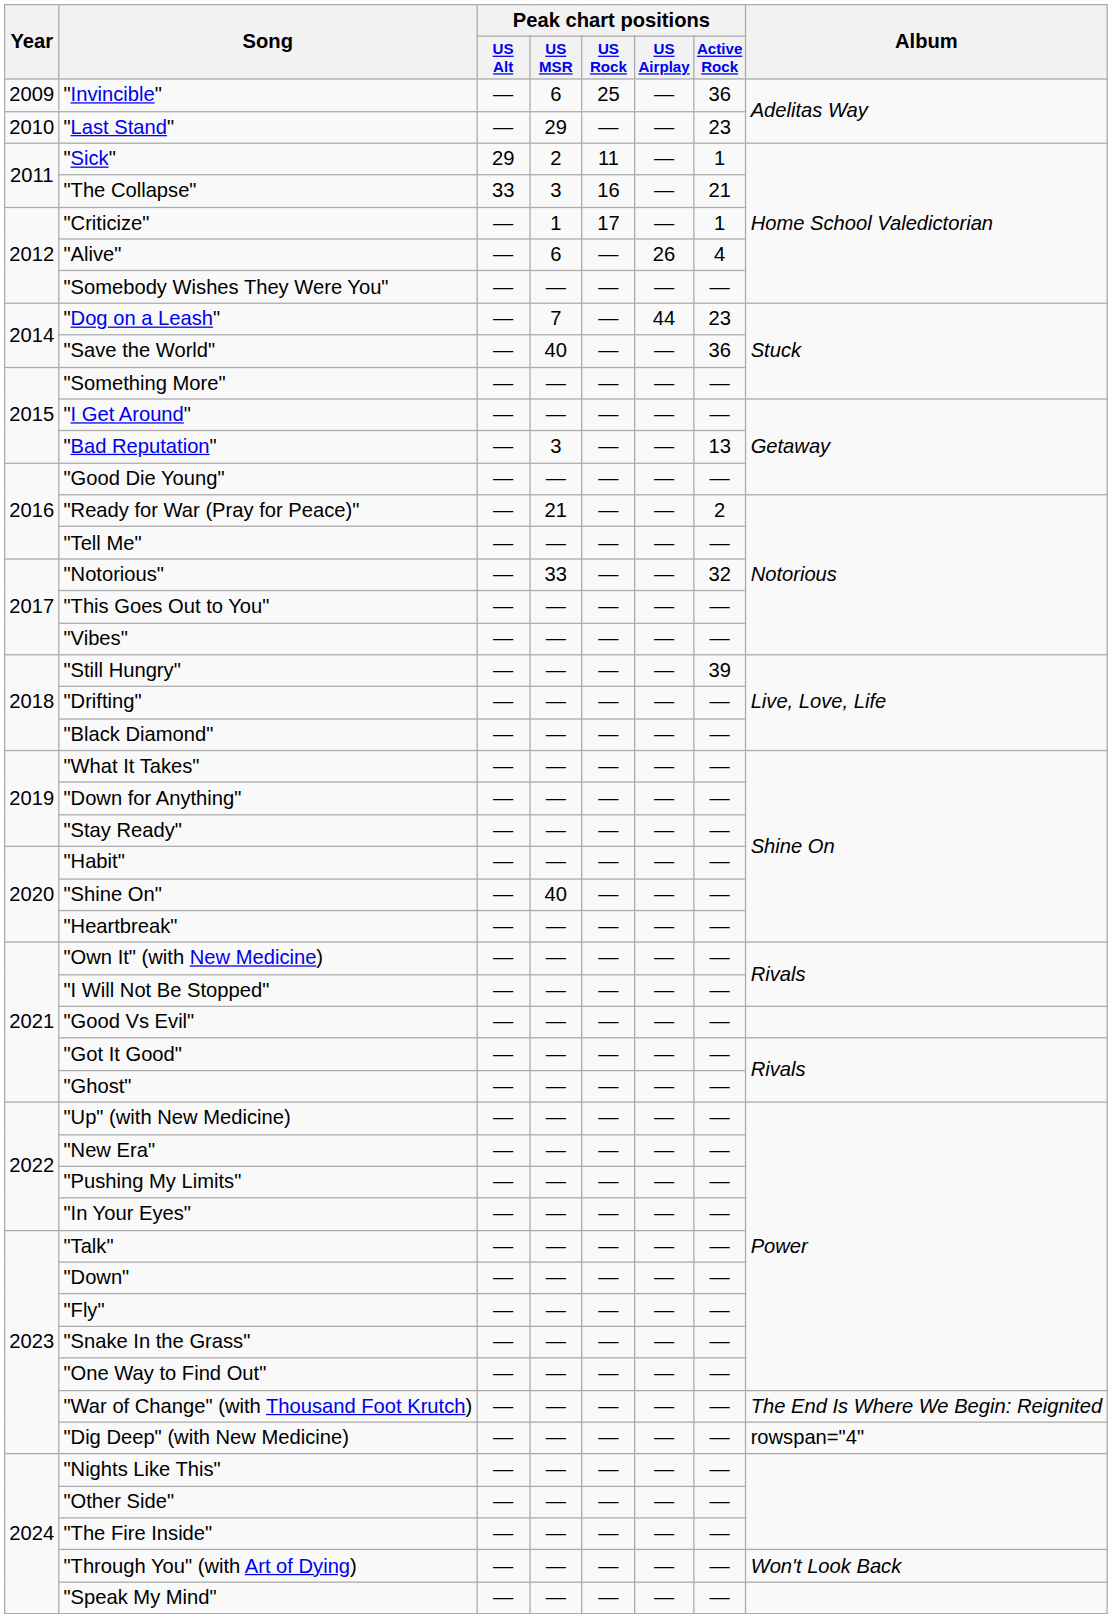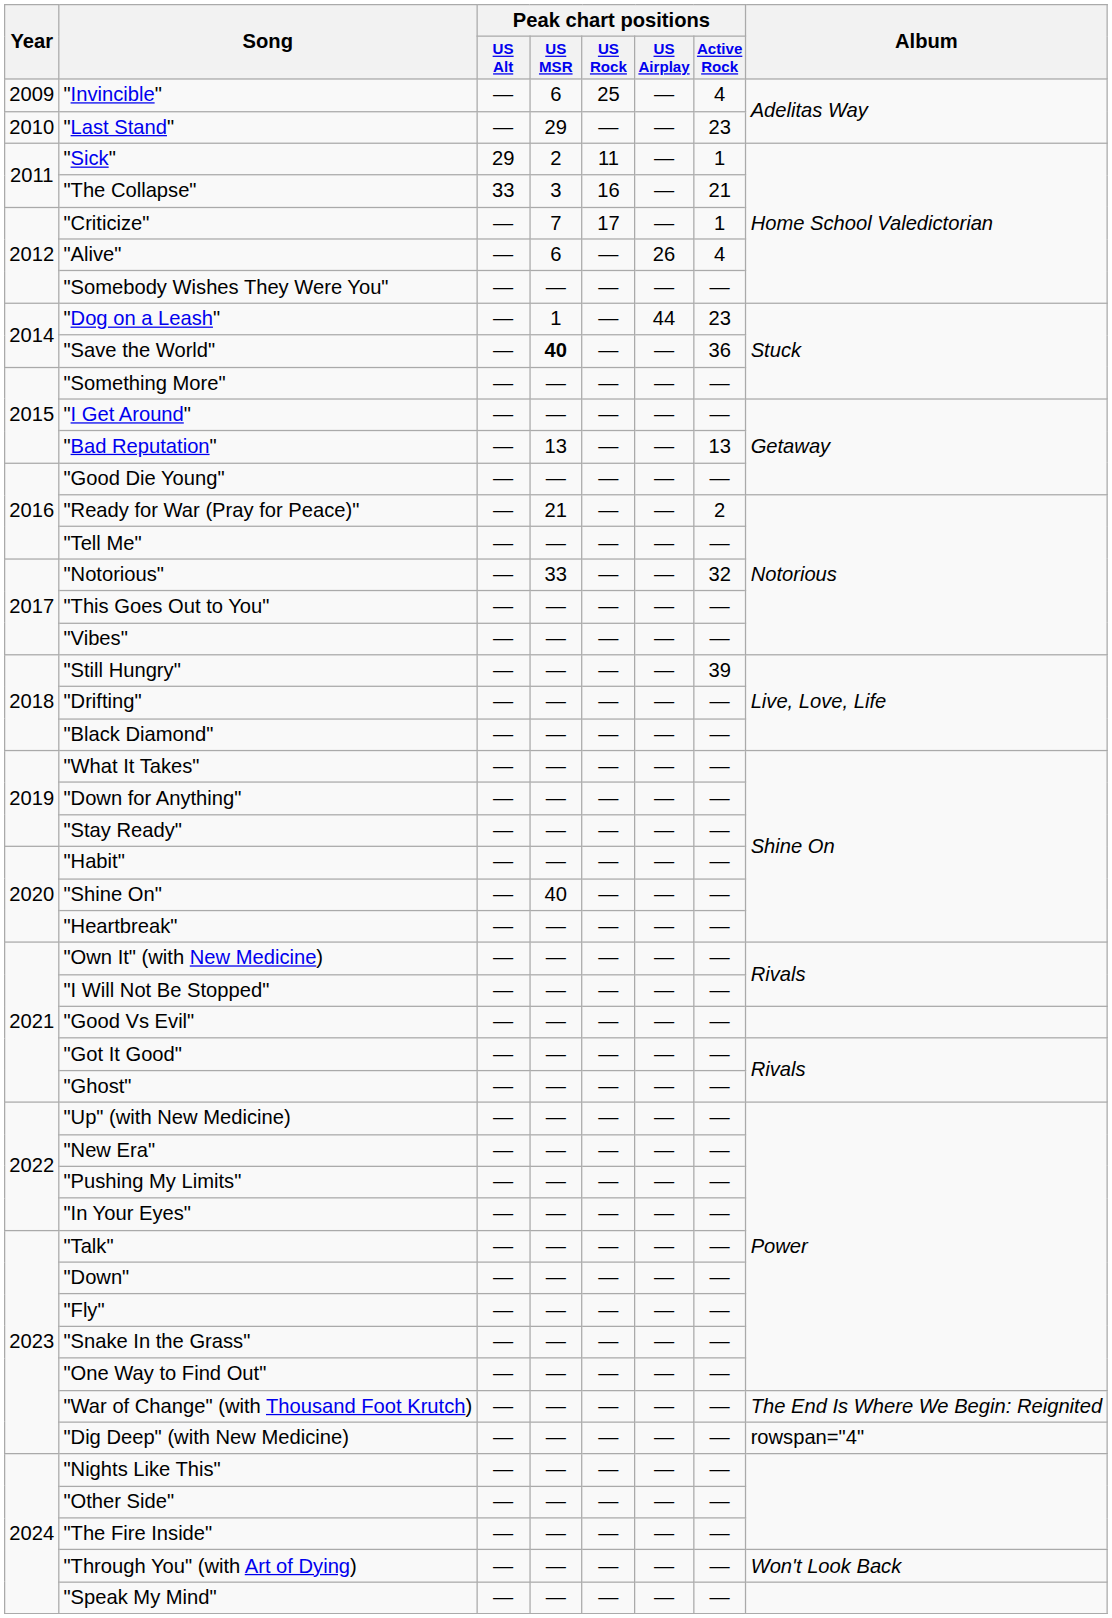 <table class="wikitable">
 <tr>
 <th rowspan="2">Year</th>
 <th rowspan="2">Song</th>
 <th colspan="5">Peak chart positions</th>
 <th rowspan="2">Album</th>
 </tr>
 <tr>
 <th style="width:3em;font-size:75%"><a href='#'>US<br>Alt</a><br></th>
 <th style="width:3em;font-size:75%"><a href='#'>US<br>MSR</a><br></th>
 <th style="width:3em;font-size:75%"><a href='#'>US<br>Rock</a><br></th>
 <th style="width:3em;font-size:75%"><a href='#'>US<br>Airplay</a><br></th>
 <th style="width:3em;font-size:75%"><a href='#'>Active Rock</a><br></th>
 </tr>
 <tr>
 <td style="text-align:center;">2009</td>
 <td>"<a href='#'>Invincible</a>"</td>
 <td style="text-align:center;">—</td>
 <td style="text-align:center;">6</td>
 <td style="text-align:center;">25</td>
 <td style="text-align:center;">—</td>
-<td style="text-align:center;">36</td>
+<td style="text-align:center;">4</td>
 <td rowspan="2"><em>Adelitas Way</em></td>
 </tr>
 <tr>
 <td style="text-align:center;">2010</td>
 <td>"<a href='#'>Last Stand</a>"</td>
 <td style="text-align:center;">—</td>
 <td style="text-align:center;">29</td>
 <td style="text-align:center;">—</td>
 <td style="text-align:center;">—</td>
 <td style="text-align:center;">23</td>
 </tr>
 <tr>
 <td style="text-align:center;" rowspan="2">2011</td>
 <td>"<a href='#'>Sick</a>"</td>
 <td style="text-align:center;">29</td>
 <td style="text-align:center;">2</td>
 <td style="text-align:center;">11</td>
 <td style="text-align:center;">—</td>
 <td style="text-align:center;">1</td>
 <td rowspan="5"><em>Home School Valedictorian</em></td>
 </tr>
 <tr>
 <td>"The Collapse"</td>
 <td style="text-align:center;">33</td>
 <td style="text-align:center;">3</td>
 <td style="text-align:center;">16</td>
 <td style="text-align:center;">—</td>
 <td style="text-align:center;">21</td>
 </tr>
 <tr>
 <td style="text-align:center;" rowspan="3">2012</td>
 <td>"Criticize"</td>
 <td style="text-align:center;">—</td>
-<td style="text-align:center;">1</td>
+<td style="text-align:center;">7</td>
 <td style="text-align:center;">17</td>
 <td style="text-align:center;">—</td>
 <td style="text-align:center;">1</td>
 </tr>
 <tr>
 <td>"Alive"</td>
 <td style="text-align:center;">—</td>
 <td style="text-align:center;">6</td>
 <td style="text-align:center;">—</td>
 <td style="text-align:center;">26</td>
 <td style="text-align:center;">4</td>
 </tr>
 <tr>
 <td>"Somebody Wishes They Were You"</td>
 <td style="text-align:center;">—</td>
 <td style="text-align:center;">—</td>
 <td style="text-align:center;">—</td>
 <td style="text-align:center;">—</td>
 <td style="text-align:center;">—</td>
 </tr>
 <tr>
 <td style="text-align:center;" rowspan="2">2014</td>
 <td>"<a href='#'>Dog on a Leash</a>"</td>
 <td style="text-align:center;">—</td>
-<td style="text-align:center;">7</td>
+<td style="text-align:center;">1</td>
 <td style="text-align:center;">—</td>
 <td style="text-align:center;">44</td>
 <td style="text-align:center;">23</td>
 <td rowspan="3"><em> Stuck </em></td>
 </tr>
 <tr>
 <td>"Save the World"</td>
 <td style="text-align:center;">—</td>
-<td style="text-align:center;">40</td>
+<td style="text-align:center;"><strong>40</strong></td>
 <td style="text-align:center;">—</td>
 <td style="text-align:center;">—</td>
 <td style="text-align:center;">36</td>
 </tr>
 <tr>
 <td style="text-align:center;" rowspan="3">2015</td>
 <td>"Something More"</td>
 <td style="text-align:center;">—</td>
 <td style="text-align:center;">—</td>
 <td style="text-align:center;">—</td>
 <td style="text-align:center;">—</td>
 <td style="text-align:center;">—</td>
 </tr>
 <tr>
 <td>"<a href='#'>I Get Around</a>"</td>
 <td style="text-align:center;">—</td>
 <td style="text-align:center;">—</td>
 <td style="text-align:center;">—</td>
 <td style="text-align:center;">—</td>
 <td style="text-align:center;">—</td>
 <td rowspan="3"><em>Getaway</em></td>
 </tr>
 <tr>
 <td>"<a href='#'>Bad Reputation</a>"</td>
 <td style="text-align:center;">—</td>
-<td style="text-align:center;">3</td>
+<td style="text-align:center;">13</td>
 <td style="text-align:center;">—</td>
 <td style="text-align:center;">—</td>
 <td style="text-align:center;">13</td>
 </tr>
 <tr>
 <td style="text-align:center;" rowspan="3">2016</td>
 <td>"Good Die Young"</td>
 <td style="text-align:center;">—</td>
 <td style="text-align:center;">—</td>
 <td style="text-align:center;">—</td>
 <td style="text-align:center;">—</td>
 <td style="text-align:center;">—</td>
 </tr>
 <tr>
 <td>"Ready for War (Pray for Peace)"</td>
 <td style="text-align:center;">—</td>
 <td style="text-align:center;">21</td>
 <td style="text-align:center;">—</td>
 <td style="text-align:center;">—</td>
 <td style="text-align:center;">2</td>
 <td rowspan="5"><em>Notorious</em></td>
 </tr>
 <tr>
 <td>"Tell Me"</td>
 <td style="text-align:center;">—</td>
 <td style="text-align:center;">—</td>
 <td style="text-align:center;">—</td>
 <td style="text-align:center;">—</td>
 <td style="text-align:center;">—</td>
 </tr>
 <tr>
 <td style="text-align:center;" rowspan="3">2017</td>
 <td>"Notorious"</td>
 <td style="text-align:center;">—</td>
 <td style="text-align:center;">33</td>
 <td style="text-align:center;">—</td>
 <td style="text-align:center;">—</td>
 <td style="text-align:center;">32</td>
 </tr>
 <tr>
 <td>"This Goes Out to You"</td>
 <td style="text-align:center;">—</td>
 <td style="text-align:center;">—</td>
 <td style="text-align:center;">—</td>
 <td style="text-align:center;">—</td>
 <td style="text-align:center;">—</td>
 </tr>
 <tr>
 <td>"Vibes"</td>
 <td style="text-align:center;">—</td>
 <td style="text-align:center;">—</td>
 <td style="text-align:center;">—</td>
 <td style="text-align:center;">—</td>
 <td style="text-align:center;">—</td>
 </tr>
 <tr>
 <td style="text-align:center;" rowspan="3">2018</td>
 <td>"Still Hungry"</td>
 <td style="text-align:center;">—</td>
 <td style="text-align:center;">—</td>
 <td style="text-align:center;">—</td>
 <td style="text-align:center;">—</td>
 <td style="text-align:center;">39</td>
 <td rowspan="3"><em>Live, Love, Life</em></td>
 </tr>
 <tr>
 <td>"Drifting"</td>
 <td style="text-align:center;">—</td>
 <td style="text-align:center;">—</td>
 <td style="text-align:center;">—</td>
 <td style="text-align:center;">—</td>
 <td style="text-align:center;">—</td>
 </tr>
 <tr>
 <td>"Black Diamond"</td>
 <td style="text-align:center;">—</td>
 <td style="text-align:center;">—</td>
 <td style="text-align:center;">—</td>
 <td style="text-align:center;">—</td>
 <td style="text-align:center;">—</td>
 </tr>
 <tr>
 <td style="text-align:center;" rowspan="3">2019</td>
 <td>"What It Takes"</td>
 <td style="text-align:center;">—</td>
 <td style="text-align:center;">—</td>
 <td style="text-align:center;">—</td>
 <td style="text-align:center;">—</td>
 <td style="text-align:center;">—</td>
 <td rowspan="6"><em>Shine On</em></td>
 </tr>
 <tr>
 <td>"Down for Anything"</td>
 <td style="text-align:center;">—</td>
 <td style="text-align:center;">—</td>
 <td style="text-align:center;">—</td>
 <td style="text-align:center;">—</td>
 <td style="text-align:center;">—</td>
 </tr>
 <tr>
 <td>"Stay Ready"</td>
 <td style="text-align:center;">—</td>
 <td style="text-align:center;">—</td>
 <td style="text-align:center;">—</td>
 <td style="text-align:center;">—</td>
 <td style="text-align:center;">—</td>
 </tr>
 <tr>
 <td style="text-align:center;" rowspan="3">2020</td>
 <td>"Habit"</td>
 <td style="text-align:center;">—</td>
 <td style="text-align:center;">—</td>
 <td style="text-align:center;">—</td>
 <td style="text-align:center;">—</td>
 <td style="text-align:center;">—</td>
 </tr>
 <tr>
 <td>"Shine On"</td>
 <td style="text-align:center;">—</td>
 <td style="text-align:center;">40</td>
 <td style="text-align:center;">—</td>
 <td style="text-align:center;">—</td>
 <td style="text-align:center;">—</td>
 </tr>
 <tr>
 <td>"Heartbreak"</td>
 <td style="text-align:center;">—</td>
 <td style="text-align:center;">—</td>
 <td style="text-align:center;">—</td>
 <td style="text-align:center;">—</td>
 <td style="text-align:center;">—</td>
 </tr>
 <tr>
 <td style="text-align:center;" rowspan="5">2021</td>
 <td>"Own It" (with <a href='#'>New Medicine</a>)</td>
 <td style="text-align:center;">—</td>
 <td style="text-align:center;">—</td>
 <td style="text-align:center;">—</td>
 <td style="text-align:center;">—</td>
 <td style="text-align:center;">—</td>
 <td rowspan="2"><em>Rivals</em></td>
 </tr>
 <tr>
 <td>"I Will Not Be Stopped"</td>
 <td style="text-align:center;">—</td>
 <td style="text-align:center;">—</td>
 <td style="text-align:center;">—</td>
 <td style="text-align:center;">—</td>
 <td style="text-align:center;">—</td>
 </tr>
 <tr>
 <td>"Good Vs Evil"</td>
 <td style="text-align:center;">—</td>
 <td style="text-align:center;">—</td>
 <td style="text-align:center;">—</td>
 <td style="text-align:center;">—</td>
 <td style="text-align:center;">—</td>
 <td></td>
 </tr>
 <tr>
 <td>"Got It Good"</td>
 <td style="text-align:center;">—</td>
 <td style="text-align:center;">—</td>
 <td style="text-align:center;">—</td>
 <td style="text-align:center;">—</td>
 <td style="text-align:center;">—</td>
 <td rowspan="2"><em>Rivals</em></td>
 </tr>
 <tr>
 <td>"Ghost"</td>
 <td style="text-align:center;">—</td>
 <td style="text-align:center;">—</td>
 <td style="text-align:center;">—</td>
 <td style="text-align:center;">—</td>
 <td style="text-align:center;">—</td>
 </tr>
 <tr>
 <td style="text-align:center;" rowspan="4">2022</td>
 <td>"Up" (with New Medicine)</td>
 <td style="text-align:center;">—</td>
 <td style="text-align:center;">—</td>
 <td style="text-align:center;">—</td>
 <td style="text-align:center;">—</td>
 <td style="text-align:center;">—</td>
 <td rowspan="9"><em>Power</em></td>
 </tr>
 <tr>
 <td>"New Era"</td>
 <td style="text-align:center;">—</td>
 <td style="text-align:center;">—</td>
 <td style="text-align:center;">—</td>
 <td style="text-align:center;">—</td>
 <td style="text-align:center;">—</td>
 </tr>
 <tr>
 <td>"Pushing My Limits"</td>
 <td style="text-align:center;">—</td>
 <td style="text-align:center;">—</td>
 <td style="text-align:center;">—</td>
 <td style="text-align:center;">—</td>
 <td style="text-align:center;">—</td>
 </tr>
 <tr>
 <td>"In Your Eyes"</td>
 <td style="text-align:center;">—</td>
 <td style="text-align:center;">—</td>
 <td style="text-align:center;">—</td>
 <td style="text-align:center;">—</td>
 <td style="text-align:center;">—</td>
 </tr>
 <tr>
 <td rowspan="7" style="text-align:center;">2023</td>
 <td>"Talk"</td>
 <td style="text-align:center;">—</td>
 <td style="text-align:center;">—</td>
 <td style="text-align:center;">—</td>
 <td style="text-align:center;">—</td>
 <td style="text-align:center;">—</td>
 </tr>
 <tr>
 <td>"Down"</td>
 <td style="text-align:center;">—</td>
 <td style="text-align:center;">—</td>
 <td style="text-align:center;">—</td>
 <td style="text-align:center;">—</td>
 <td style="text-align:center;">—</td>
 </tr>
 <tr>
 <td>"Fly"</td>
 <td style="text-align:center;">—</td>
 <td style="text-align:center;">—</td>
 <td style="text-align:center;">—</td>
 <td style="text-align:center;">—</td>
 <td style="text-align:center;">—</td>
 </tr>
 <tr>
 <td>"Snake In the Grass"</td>
 <td style="text-align:center;">—</td>
 <td style="text-align:center;">—</td>
 <td style="text-align:center;">—</td>
 <td style="text-align:center;">—</td>
 <td style="text-align:center;">—</td>
 </tr>
 <tr>
 <td>"One Way to Find Out"</td>
 <td style="text-align:center;">—</td>
 <td style="text-align:center;">—</td>
 <td style="text-align:center;">—</td>
 <td style="text-align:center;">—</td>
 <td style="text-align:center;">—</td>
 </tr>
 <tr>
 <td>"War of Change" (with <a href='#'>Thousand Foot Krutch</a>)</td>
 <td style="text-align:center;">—</td>
 <td style="text-align:center;">—</td>
 <td style="text-align:center;">—</td>
 <td style="text-align:center;">—</td>
 <td style="text-align:center;">—</td>
 <td><em>The End Is Where We Begin: Reignited</em></td>
 </tr>
 <tr>
 <td>"Dig Deep" (with New Medicine)</td>
 <td style="text-align:center;">—</td>
 <td style="text-align:center;">—</td>
 <td style="text-align:center;">—</td>
 <td style="text-align:center;">—</td>
 <td style="text-align:center;">—</td>
 <td>rowspan="4" </td>
 </tr>
 <tr>
 <td style="text-align:center;" rowspan="5">2024</td>
 <td>"Nights Like This"</td>
 <td style="text-align:center;">—</td>
 <td style="text-align:center;">—</td>
 <td style="text-align:center;">—</td>
 <td style="text-align:center;">—</td>
 <td style="text-align:center;">—</td>
 </tr>
 <tr>
 <td>"Other Side"</td>
 <td style="text-align:center;">—</td>
 <td style="text-align:center;">—</td>
 <td style="text-align:center;">—</td>
 <td style="text-align:center;">—</td>
 <td style="text-align:center;">—</td>
 </tr>
 <tr>
 <td>"The Fire Inside"</td>
 <td style="text-align:center;">—</td>
 <td style="text-align:center;">—</td>
 <td style="text-align:center;">—</td>
 <td style="text-align:center;">—</td>
 <td style="text-align:center;">—</td>
 </tr>
 <tr>
 <td>"Through You" (with <a href='#'>Art of Dying</a>)</td>
 <td style="text-align:center;">—</td>
 <td style="text-align:center;">—</td>
 <td style="text-align:center;">—</td>
 <td style="text-align:center;">—</td>
 <td style="text-align:center;">—</td>
 <td><em>Won't Look Back</em></td>
 </tr>
 <tr>
 <td>"Speak My Mind"</td>
 <td style="text-align:center;">—</td>
 <td style="text-align:center;">—</td>
 <td style="text-align:center;">—</td>
 <td style="text-align:center;">—</td>
 <td style="text-align:center;">—</td>
 <td></td>
 </tr>
 <tr>
 </tr>
 </table>
